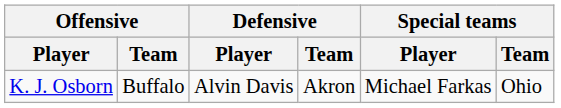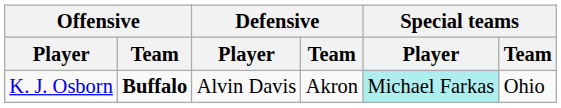 <table class="wikitable" style="display: inline-table;">
 <tr>
 <th colspan="2">Offensive</th>
 <th colspan="2">Defensive</th>
 <th colspan="2">Special teams</th>
 </tr>
 <tr>
 <th>Player</th>
 <th>Team</th>
 <th>Player</th>
 <th>Team</th>
 <th>Player</th>
 <th>Team</th>
 </tr>
 <tr>
 <td><a href='#'>K. J. Osborn</a></td>
-<td>Buffalo</td>
+<td><strong>Buffalo</strong></td>
 <td>Alvin Davis</td>
 <td>Akron</td>
-<td>Michael Farkas</td>
+<td style="background: paleturquoise;">Michael Farkas</td>
 <td>Ohio</td>
 </tr>
 </table>
